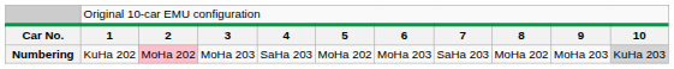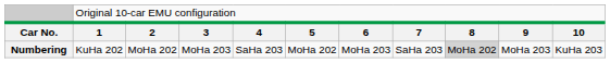 <table class="wikitable">
 <tr>
 <td style="background-color:#ccc; width:6em;"> </td>
 <td colspan="10">Original 10-car EMU configuration</td>
 </tr>
 <tr style="border-top:solid 5px #009944;">
 <th>Car No.</th>
 <th>1</th>
 <th>2</th>
 <th>3</th>
 <th>4</th>
 <th>5</th>
 <th>6</th>
 <th>7</th>
 <th>8</th>
 <th>9</th>
 <th>10</th>
 </tr>
 <tr>
 <th>Numbering</th>
 <td>KuHa 202</td>
-<td style="background: pink;">MoHa 202</td>
+<td>MoHa 202</td>
 <td>MoHa 203</td>
 <td>SaHa 203</td>
 <td>MoHa 202</td>
 <td>MoHa 203</td>
 <td>SaHa 203</td>
-<td>MoHa 202</td>
+<td style="background: lightgrey;">MoHa 202</td>
 <td>MoHa 203</td>
-<td style="background: lightgrey;">KuHa 203</td>
+<td>KuHa 203</td>
 </tr>
 </table>
